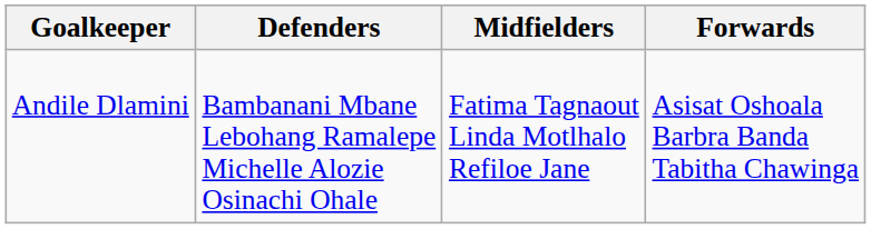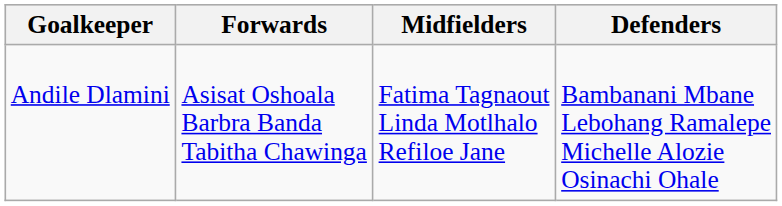 <table class="wikitable" style="margin:0 auto">
 <tr>
 <th>Goalkeeper</th>
+<th>Forwards</th>
+<th>Midfielders</th>
 <th>Defenders</th>
-<th>Midfielders</th>
-<th>Forwards</th>
 </tr>
 <tr>
 <td align="left" valign="top"><br> <a href='#'>Andile Dlamini</a></td>
+<td align="left" valign="top"><br> <a href='#'>Asisat Oshoala</a><br>  <a href='#'>Barbra Banda</a><br>  <a href='#'>Tabitha Chawinga</a></td>
+<td align="left" valign="top"><br> <a href='#'>Fatima Tagnaout</a><br>  <a href='#'>Linda Motlhalo</a><br>  <a href='#'>Refiloe Jane</a></td>
 <td align="left" valign="top"><br> <a href='#'>Bambanani Mbane</a><br>  <a href='#'>Lebohang Ramalepe</a><br>  <a href='#'>Michelle Alozie</a><br>  <a href='#'>Osinachi Ohale</a></td>
-<td align="left" valign="top"><br> <a href='#'>Fatima Tagnaout</a><br>  <a href='#'>Linda Motlhalo</a><br>  <a href='#'>Refiloe Jane</a></td>
-<td align="left" valign="top"><br> <a href='#'>Asisat Oshoala</a><br>  <a href='#'>Barbra Banda</a><br>  <a href='#'>Tabitha Chawinga</a></td>
 </tr>
 </table>
